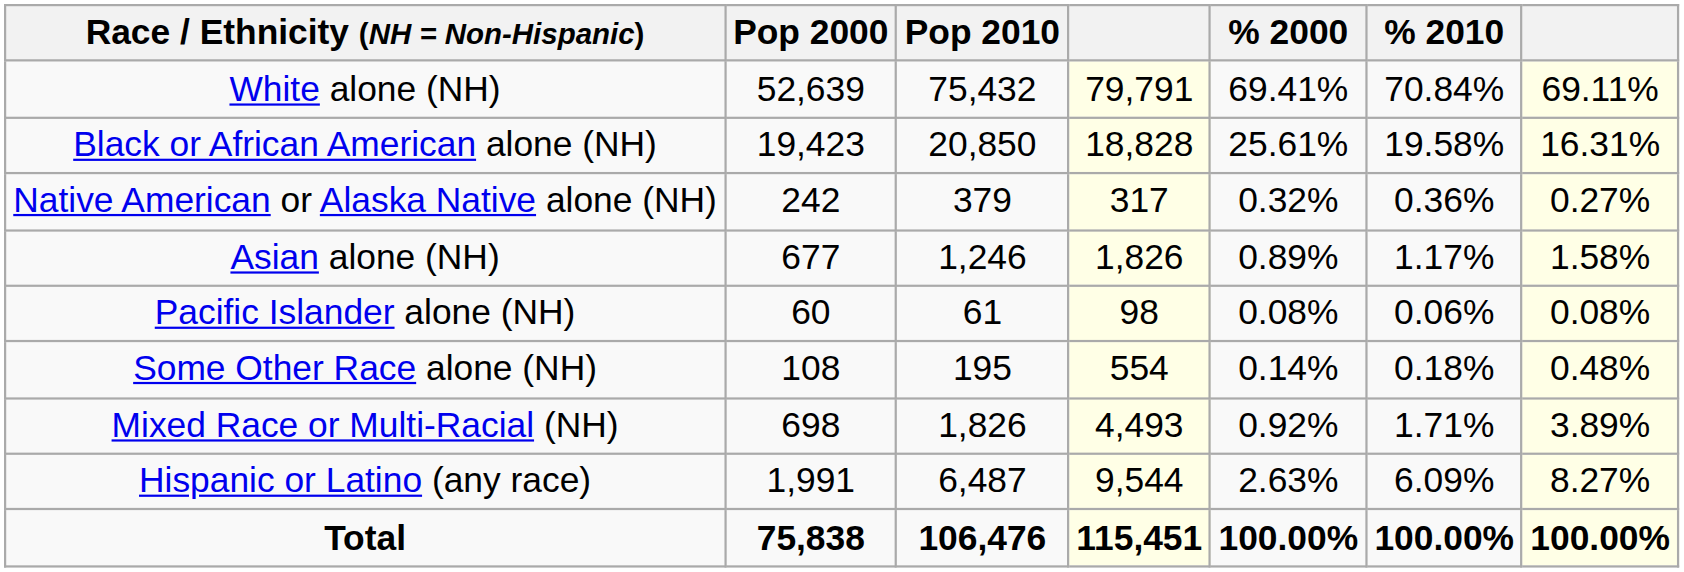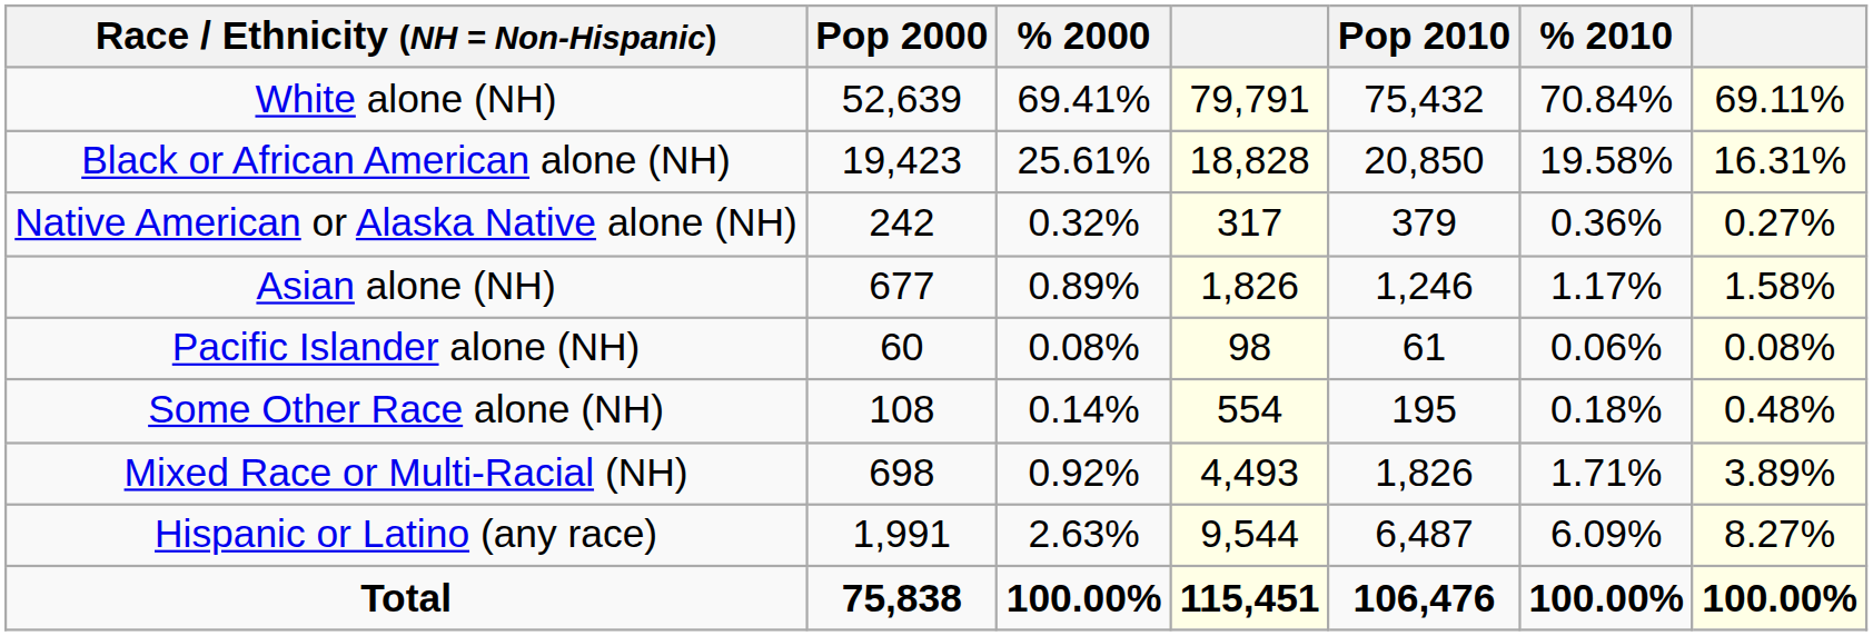 <table class="wikitable" style="text-align:center;">
 <tr>
 <th>Race / Ethnicity <small>(<em>NH = Non-Hispanic</em>)</small></th>
 <th>Pop 2000</th>
+<th>% 2000</th>
+<th></th>
 <th>Pop 2010</th>
-<th></th>
-<th>% 2000</th>
 <th>% 2010</th>
 <th></th>
 </tr>
 <tr>
 <td><a href='#'>White</a> alone (NH)</td>
 <td>52,639</td>
+<td>69.41%</td>
+<td style='background: #ffffe6;'>79,791</td>
 <td>75,432</td>
-<td style='background: #ffffe6;'>79,791</td>
-<td>69.41%</td>
 <td>70.84%</td>
 <td style='background: #ffffe6;'>69.11%</td>
 </tr>
 <tr>
 <td><a href='#'>Black or African American</a> alone (NH)</td>
 <td>19,423</td>
+<td>25.61%</td>
+<td style='background: #ffffe6;'>18,828</td>
 <td>20,850</td>
-<td style='background: #ffffe6;'>18,828</td>
-<td>25.61%</td>
 <td>19.58%</td>
 <td style='background: #ffffe6;'>16.31%</td>
 </tr>
 <tr>
 <td><a href='#'>Native American</a> or <a href='#'>Alaska Native</a> alone (NH)</td>
 <td>242</td>
+<td>0.32%</td>
+<td style='background: #ffffe6;'>317</td>
 <td>379</td>
-<td style='background: #ffffe6;'>317</td>
-<td>0.32%</td>
 <td>0.36%</td>
 <td style='background: #ffffe6;'>0.27%</td>
 </tr>
 <tr>
 <td><a href='#'>Asian</a> alone (NH)</td>
 <td>677</td>
+<td>0.89%</td>
+<td style='background: #ffffe6;'>1,826</td>
 <td>1,246</td>
-<td style='background: #ffffe6;'>1,826</td>
-<td>0.89%</td>
 <td>1.17%</td>
 <td style='background: #ffffe6;'>1.58%</td>
 </tr>
 <tr>
 <td><a href='#'>Pacific Islander</a> alone (NH)</td>
 <td>60</td>
+<td>0.08%</td>
+<td style='background: #ffffe6;'>98</td>
 <td>61</td>
-<td style='background: #ffffe6;'>98</td>
-<td>0.08%</td>
 <td>0.06%</td>
 <td style='background: #ffffe6;'>0.08%</td>
 </tr>
 <tr>
 <td><a href='#'>Some Other Race</a> alone (NH)</td>
 <td>108</td>
+<td>0.14%</td>
+<td style='background: #ffffe6;'>554</td>
 <td>195</td>
-<td style='background: #ffffe6;'>554</td>
-<td>0.14%</td>
 <td>0.18%</td>
 <td style='background: #ffffe6;'>0.48%</td>
 </tr>
 <tr>
 <td><a href='#'>Mixed Race or Multi-Racial</a> (NH)</td>
 <td>698</td>
+<td>0.92%</td>
+<td style='background: #ffffe6;'>4,493</td>
 <td>1,826</td>
-<td style='background: #ffffe6;'>4,493</td>
-<td>0.92%</td>
 <td>1.71%</td>
 <td style='background: #ffffe6;'>3.89%</td>
 </tr>
 <tr>
 <td><a href='#'>Hispanic or Latino</a> (any race)</td>
 <td>1,991</td>
+<td>2.63%</td>
+<td style='background: #ffffe6;'>9,544</td>
 <td>6,487</td>
-<td style='background: #ffffe6;'>9,544</td>
-<td>2.63%</td>
 <td>6.09%</td>
 <td style='background: #ffffe6;'>8.27%</td>
 </tr>
 <tr>
 <td><strong>Total</strong></td>
 <td><strong>75,838</strong></td>
+<td><strong>100.00%</strong></td>
+<td style='background: #ffffe6;'><strong>115,451</strong></td>
 <td><strong>106,476</strong></td>
-<td style='background: #ffffe6;'><strong>115,451</strong></td>
-<td><strong>100.00%</strong></td>
 <td><strong>100.00%</strong></td>
 <td style='background: #ffffe6;'><strong>100.00%</strong></td>
 </tr>
 </table>
